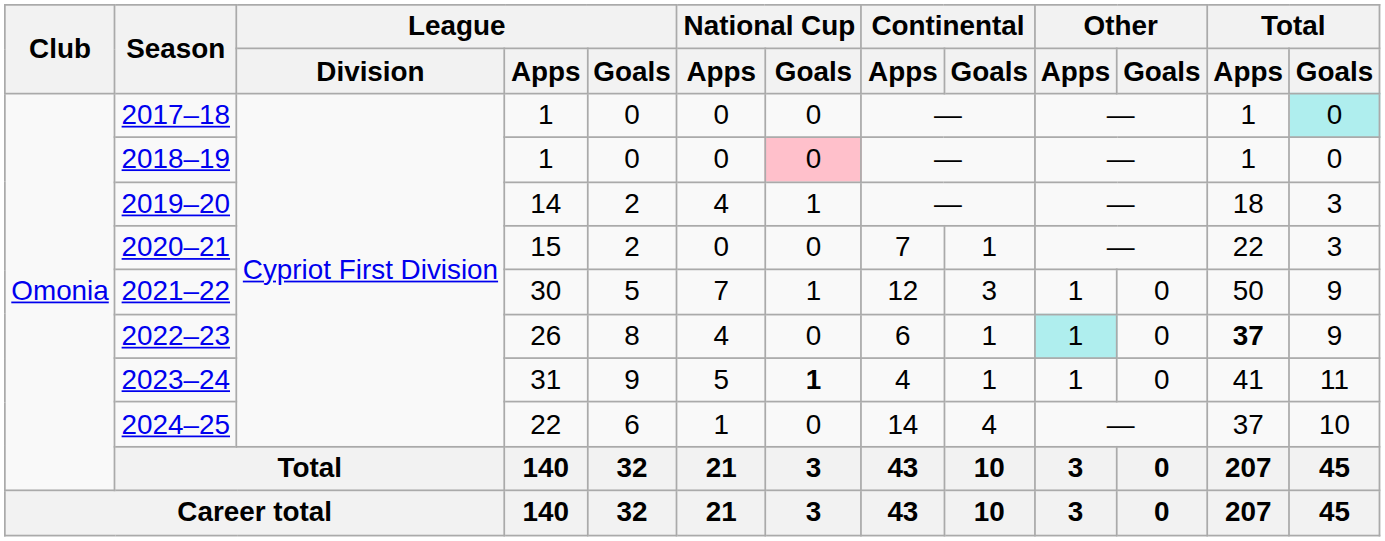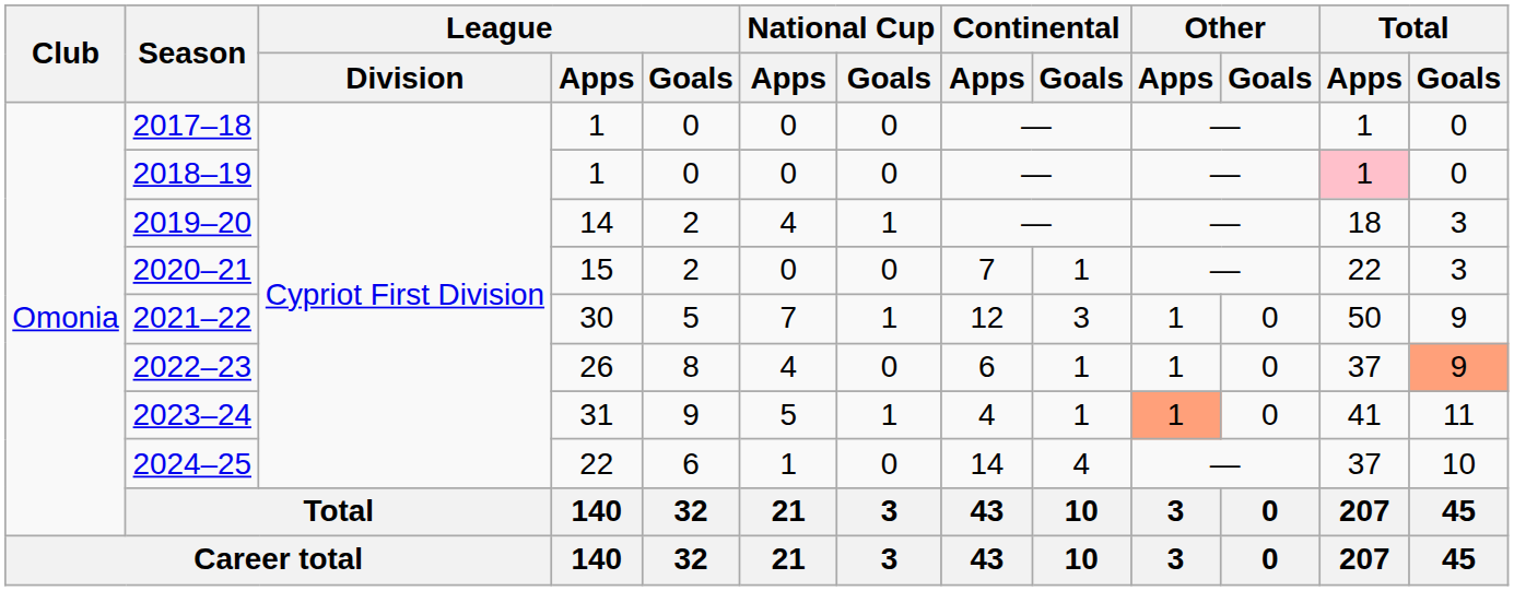 <table class="wikitable" style="text-align:center">
 <tr>
 <th rowspan="2">Club</th>
 <th rowspan="2">Season</th>
 <th colspan="3">League</th>
 <th colspan="2">National Cup</th>
 <th colspan="2">Continental</th>
 <th colspan="2">Other</th>
 <th colspan="2">Total</th>
 </tr>
 <tr>
 <th>Division</th>
 <th>Apps</th>
 <th>Goals</th>
 <th>Apps</th>
 <th>Goals</th>
 <th>Apps</th>
 <th>Goals</th>
 <th>Apps</th>
 <th>Goals</th>
 <th>Apps</th>
 <th>Goals</th>
 </tr>
 <tr>
 <td rowspan="9"><a href='#'>Omonia</a></td>
 <td><a href='#'>2017–18</a></td>
 <td rowspan="8"><a href='#'>Cypriot First Division</a></td>
 <td>1</td>
 <td>0</td>
 <td>0</td>
 <td>0</td>
 <td colspan="2">—</td>
 <td colspan=2>—</td>
 <td>1</td>
-<td style="background: paleturquoise;">0</td>
+<td>0</td>
 </tr>
 <tr>
 <td><a href='#'>2018–19</a></td>
 <td>1</td>
 <td>0</td>
 <td>0</td>
-<td style="background: pink;">0</td>
+<td>0</td>
 <td colspan="2">—</td>
 <td colspan=2>—</td>
-<td>1</td>
+<td style="background: pink;">1</td>
 <td>0</td>
 </tr>
 <tr>
 <td><a href='#'>2019–20</a></td>
 <td>14</td>
 <td>2</td>
 <td>4</td>
 <td>1</td>
 <td colspan=2>—</td>
 <td colspan=2>—</td>
 <td>18</td>
 <td>3</td>
 </tr>
 <tr>
 <td><a href='#'>2020–21</a></td>
 <td>15</td>
 <td>2</td>
 <td>0</td>
 <td>0</td>
 <td>7</td>
 <td>1</td>
 <td colspan=2>—</td>
 <td>22</td>
 <td>3</td>
 </tr>
 <tr>
 <td><a href='#'>2021–22</a></td>
 <td>30</td>
 <td>5</td>
 <td>7</td>
 <td>1</td>
 <td>12</td>
 <td>3</td>
 <td>1</td>
 <td>0</td>
 <td>50</td>
 <td>9</td>
 </tr>
 <tr>
 <td><a href='#'>2022–23</a></td>
 <td>26</td>
 <td>8</td>
 <td>4</td>
 <td>0</td>
 <td>6</td>
 <td>1</td>
-<td style="background: paleturquoise;">1</td>
+<td>1</td>
 <td>0</td>
-<td><strong>37</strong></td>
-<td>9</td>
+<td>37</td>
+<td style="background: lightsalmon;">9</td>
 </tr>
 <tr>
 <td><a href='#'>2023–24</a></td>
 <td>31</td>
 <td>9</td>
 <td>5</td>
-<td><strong>1</strong></td>
+<td>1</td>
 <td>4</td>
 <td>1</td>
-<td>1</td>
+<td style="background: lightsalmon;">1</td>
 <td>0</td>
 <td>41</td>
 <td>11</td>
 </tr>
 <tr>
 <td><a href='#'>2024–25</a></td>
 <td>22</td>
 <td>6</td>
 <td>1</td>
 <td>0</td>
 <td>14</td>
 <td>4</td>
 <td colspan=2>—</td>
 <td>37</td>
 <td>10</td>
 </tr>
 <tr>
 <th colspan="2">Total</th>
 <th>140</th>
 <th>32</th>
 <th>21</th>
 <th>3</th>
 <th>43</th>
 <th>10</th>
 <th>3</th>
 <th>0</th>
 <th>207</th>
 <th>45</th>
 </tr>
 <tr>
 <th colspan="3">Career total</th>
 <th>140</th>
 <th>32</th>
 <th>21</th>
 <th>3</th>
 <th>43</th>
 <th>10</th>
 <th>3</th>
 <th>0</th>
 <th>207</th>
 <th>45</th>
 </tr>
 </table>
